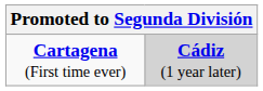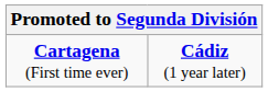 <table class="wikitable" style="text-align: center; margin: 0 auto;">
 <tr>
 <th colspan="2">Promoted to <a href='#'>Segunda División</a></th>
 </tr>
 <tr>
 <td><strong><a href='#'>Cartagena</a></strong><br><small>(First time ever)</small></td>
-<td style="background: lightgrey;"><strong><a href='#'>Cádiz</a></strong><br><small>(1 year later)</small></td>
+<td><strong><a href='#'>Cádiz</a></strong><br><small>(1 year later)</small></td>
 </tr>
 </table>
